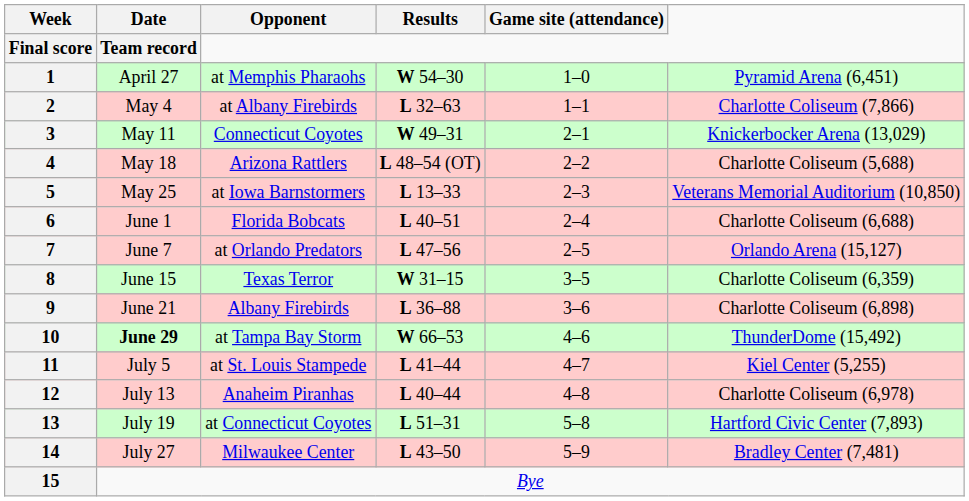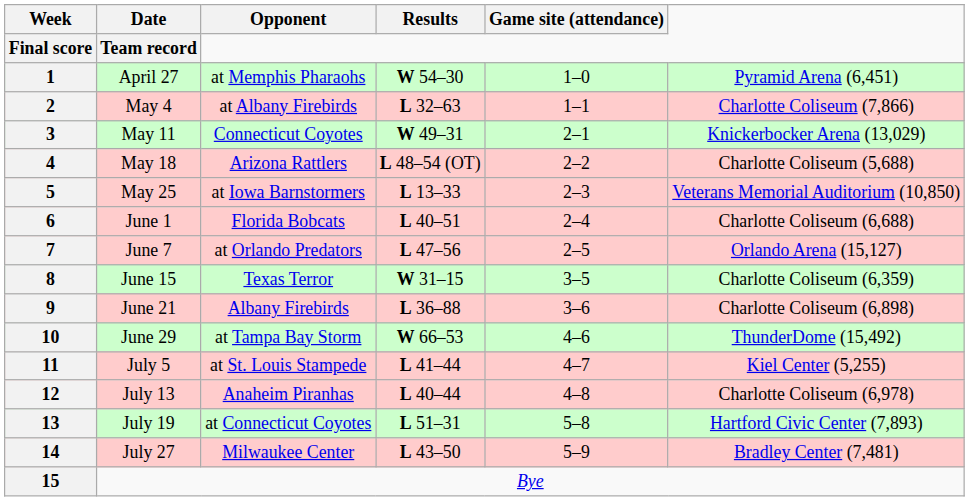 <table class="wikitable" style="font-size: 92%;" "align=center">
 <tr>
 <th>Week</th>
 <th>Date</th>
 <th>Opponent</th>
 <th>Results</th>
 <th>Game site (attendance)</th>
 </tr>
 <tr>
 <th>Final score</th>
 <th>Team record</th>
 </tr>
 <tr style="background:#cfc">
 <th>1</th>
 <td style="text-align:center;">April 27</td>
 <td style="text-align:center;">at <a href='#'>Memphis Pharaohs</a></td>
 <td style="text-align:center;"><strong>W</strong> 54–30</td>
 <td style="text-align:center;">1–0</td>
 <td style="text-align:center;"><a href='#'>Pyramid Arena</a> (6,451)</td>
 </tr>
 <tr style="background:#fcc">
 <th>2</th>
 <td style="text-align:center;">May 4</td>
 <td style="text-align:center;">at <a href='#'>Albany Firebirds</a></td>
 <td style="text-align:center;"><strong>L</strong> 32–63</td>
 <td style="text-align:center;">1–1</td>
 <td style="text-align:center;"><a href='#'>Charlotte Coliseum</a> (7,866)</td>
 </tr>
 <tr style="background:#cfc">
 <th>3</th>
 <td style="text-align:center;">May 11</td>
 <td style="text-align:center;"><a href='#'>Connecticut Coyotes</a></td>
 <td style="text-align:center;"><strong>W</strong> 49–31</td>
 <td style="text-align:center;">2–1</td>
 <td style="text-align:center;"><a href='#'>Knickerbocker Arena</a> (13,029)</td>
 </tr>
 <tr style="background:#fcc">
 <th>4</th>
 <td style="text-align:center;">May 18</td>
 <td style="text-align:center;"><a href='#'>Arizona Rattlers</a></td>
 <td style="text-align:center;"><strong>L</strong> 48–54 (OT)</td>
 <td style="text-align:center;">2–2</td>
 <td style="text-align:center;">Charlotte Coliseum (5,688)</td>
 </tr>
 <tr style="background:#fcc">
 <th>5</th>
 <td style="text-align:center;">May 25</td>
 <td style="text-align:center;">at <a href='#'>Iowa Barnstormers</a></td>
 <td style="text-align:center;"><strong>L</strong> 13–33</td>
 <td style="text-align:center;">2–3</td>
 <td style="text-align:center;"><a href='#'>Veterans Memorial Auditorium</a> (10,850)</td>
 </tr>
 <tr style="background:#fcc">
 <th>6</th>
 <td style="text-align:center;">June 1</td>
 <td style="text-align:center;"><a href='#'>Florida Bobcats</a></td>
 <td style="text-align:center;"><strong>L</strong> 40–51</td>
 <td style="text-align:center;">2–4</td>
 <td style="text-align:center;">Charlotte Coliseum (6,688)</td>
 </tr>
 <tr style="background:#fcc">
 <th>7</th>
 <td style="text-align:center;">June 7</td>
 <td style="text-align:center;">at <a href='#'>Orlando Predators</a></td>
 <td style="text-align:center;"><strong>L</strong> 47–56</td>
 <td style="text-align:center;">2–5</td>
 <td style="text-align:center;"><a href='#'>Orlando Arena</a> (15,127)</td>
 </tr>
 <tr style="background:#cfc">
 <th>8</th>
 <td style="text-align:center;">June 15</td>
 <td style="text-align:center;"><a href='#'>Texas Terror</a></td>
 <td style="text-align:center;"><strong>W</strong> 31–15</td>
 <td style="text-align:center;">3–5</td>
 <td style="text-align:center;">Charlotte Coliseum (6,359)</td>
 </tr>
 <tr style="background:#fcc">
 <th>9</th>
 <td style="text-align:center;">June 21</td>
 <td style="text-align:center;"><a href='#'>Albany Firebirds</a></td>
 <td style="text-align:center;"><strong>L</strong> 36–88</td>
 <td style="text-align:center;">3–6</td>
 <td style="text-align:center;">Charlotte Coliseum (6,898)</td>
 </tr>
 <tr style="background:#cfc">
 <th>10</th>
-<td style="text-align:center;"><strong>June 29</strong></td>
+<td style="text-align:center;">June 29</td>
 <td style="text-align:center;">at <a href='#'>Tampa Bay Storm</a></td>
 <td style="text-align:center;"><strong>W</strong> 66–53</td>
 <td style="text-align:center;">4–6</td>
 <td style="text-align:center;"><a href='#'>ThunderDome</a> (15,492)</td>
 </tr>
 <tr style="background:#fcc">
 <th>11</th>
 <td style="text-align:center;">July 5</td>
 <td style="text-align:center;">at <a href='#'>St. Louis Stampede</a></td>
 <td style="text-align:center;"><strong>L</strong> 41–44</td>
 <td style="text-align:center;">4–7</td>
 <td style="text-align:center;"><a href='#'>Kiel Center</a> (5,255)</td>
 </tr>
 <tr style="background:#fcc">
 <th>12</th>
 <td style="text-align:center;">July 13</td>
 <td style="text-align:center;"><a href='#'>Anaheim Piranhas</a></td>
 <td style="text-align:center;"><strong>L</strong> 40–44</td>
 <td style="text-align:center;">4–8</td>
 <td style="text-align:center;">Charlotte Coliseum (6,978)</td>
 </tr>
 <tr style="background:#cfc">
 <th>13</th>
 <td style="text-align:center;">July 19</td>
 <td style="text-align:center;">at <a href='#'>Connecticut Coyotes</a></td>
 <td style="text-align:center;"><strong>L</strong> 51–31</td>
 <td style="text-align:center;">5–8</td>
 <td style="text-align:center;"><a href='#'>Hartford Civic Center</a> (7,893)</td>
 </tr>
 <tr style="background:#fcc">
 <th>14</th>
 <td style="text-align:center;">July 27</td>
 <td style="text-align:center;"><a href='#'>Milwaukee Center</a></td>
 <td style="text-align:center;"><strong>L</strong> 43–50</td>
 <td style="text-align:center;">5–9</td>
 <td style="text-align:center;"><a href='#'>Bradley Center</a> (7,481)</td>
 </tr>
 <tr style=>
 <th>15</th>
 <td colspan="8" style="text-align:center;"><em><a href='#'>Bye</a></em></td>
 </tr>
 </table>
